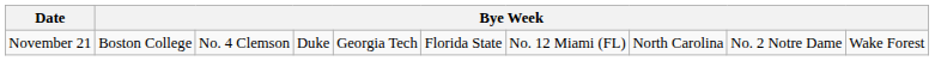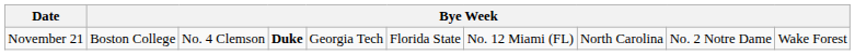 <table class="wikitable" style="font-size:95%;">
 <tr>
 <th>Date</th>
 <th colspan="10">Bye Week</th>
 </tr>
 <tr>
 <td>November 21</td>
 <td>Boston College</td>
 <td>No. 4 Clemson</td>
-<td>Duke</td>
+<td><strong>Duke</strong></td>
 <td>Georgia Tech</td>
 <td>Florida State</td>
 <td>No. 12 Miami (FL)</td>
 <td>North Carolina</td>
 <td>No. 2 Notre Dame</td>
 <td>Wake Forest</td>
 </tr>
 </table>
